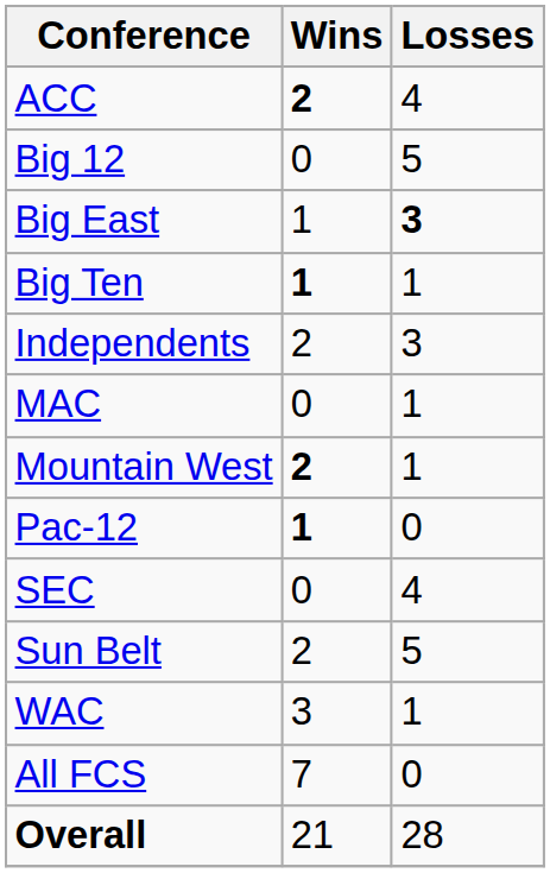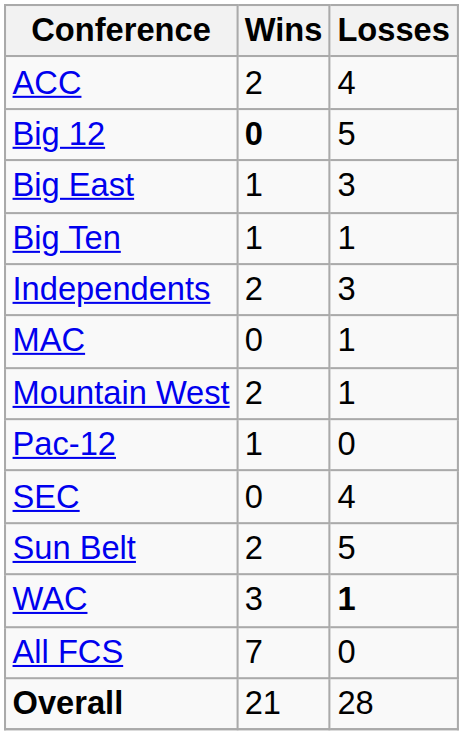 <table class="wikitable">
 <tr>
 <th>Conference</th>
 <th>Wins</th>
 <th>Losses</th>
 </tr>
 <tr>
 <td><a href='#'>ACC</a></td>
-<td><strong>2</strong></td>
+<td>2</td>
 <td>4</td>
 </tr>
 <tr>
 <td><a href='#'>Big 12</a></td>
-<td>0</td>
+<td><strong>0</strong></td>
 <td>5</td>
 </tr>
 <tr>
 <td><a href='#'>Big East</a></td>
 <td>1</td>
-<td><strong>3</strong></td>
+<td>3</td>
 </tr>
 <tr>
 <td><a href='#'>Big Ten</a></td>
-<td><strong>1</strong></td>
+<td>1</td>
 <td>1</td>
 </tr>
 <tr>
 <td><a href='#'>Independents</a></td>
 <td>2</td>
 <td>3</td>
 </tr>
 <tr>
 <td><a href='#'>MAC</a></td>
 <td>0</td>
 <td>1</td>
 </tr>
 <tr>
 <td><a href='#'>Mountain West</a></td>
-<td><strong>2</strong></td>
+<td>2</td>
 <td>1</td>
 </tr>
 <tr>
 <td><a href='#'>Pac-12</a></td>
-<td><strong>1</strong></td>
+<td>1</td>
 <td>0</td>
 </tr>
 <tr>
 <td><a href='#'>SEC</a></td>
 <td>0</td>
 <td>4</td>
 </tr>
 <tr>
 <td><a href='#'>Sun Belt</a></td>
 <td>2</td>
 <td>5</td>
 </tr>
 <tr>
 <td><a href='#'>WAC</a></td>
 <td>3</td>
-<td>1</td>
+<td><strong>1</strong></td>
 </tr>
 <tr>
 <td><a href='#'>All FCS</a></td>
 <td>7</td>
 <td>0</td>
 </tr>
 <tr>
 <td><strong>Overall</strong></td>
 <td>21</td>
 <td>28</td>
 </tr>
 <tr>
 </tr>
 </table>
